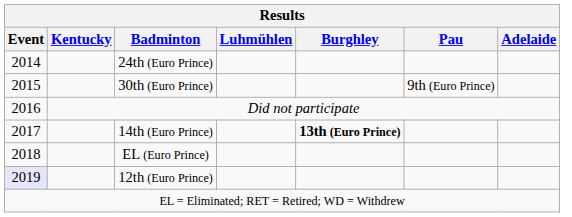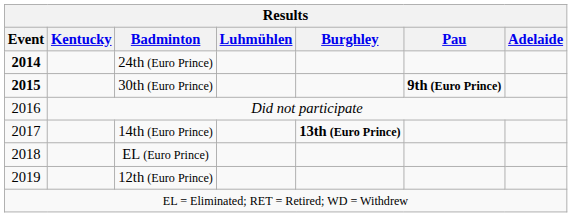 <table class="wikitable" style="text-align:center">
 <tr>
 <th colspan=13 align=center><strong>Results</strong></th>
 </tr>
 <tr>
 <th>Event</th>
 <th><a href='#'>Kentucky</a></th>
 <th><a href='#'>Badminton</a></th>
 <th><a href='#'>Luhmühlen</a></th>
 <th><a href='#'>Burghley</a></th>
 <th><a href='#'>Pau</a></th>
 <th><a href='#'>Adelaide</a></th>
 </tr>
 <tr>
-<td>2014</td>
+<td><strong>2014</strong></td>
 <td></td>
 <td>24th<small> (Euro Prince)</small></td>
 <td></td>
 <td></td>
 <td></td>
 <td></td>
 </tr>
 <tr>
-<td>2015</td>
+<td><strong>2015</strong></td>
 <td></td>
 <td>30th<small> (Euro Prince)</small></td>
 <td></td>
 <td></td>
-<td>9th<small> (Euro Prince)</small></td>
+<td><strong>9th<small> (Euro Prince)</small></strong></td>
 <td></td>
 </tr>
 <tr>
 <td>2016</td>
 <td colspan="6"><em>Did not participate</em></td>
 </tr>
 <tr>
 <td>2017</td>
 <td></td>
 <td>14th<small> (Euro Prince)</small></td>
 <td></td>
 <td><strong>13th<small> (Euro Prince)</small></strong></td>
 <td></td>
 <td></td>
 </tr>
 <tr>
 <td>2018</td>
 <td></td>
 <td>EL<small> (Euro Prince)</small></td>
 <td></td>
 <td></td>
 <td></td>
 <td></td>
 </tr>
 <tr>
-<td style="background: lavender;">2019</td>
+<td>2019</td>
 <td></td>
 <td>12th<small> (Euro Prince)</small></td>
 <td></td>
 <td></td>
 <td></td>
 <td></td>
 </tr>
 <tr>
 <td colspan=13 align=center><small> EL = Eliminated; RET = Retired; WD = Withdrew </small></td>
 </tr>
 </table>
